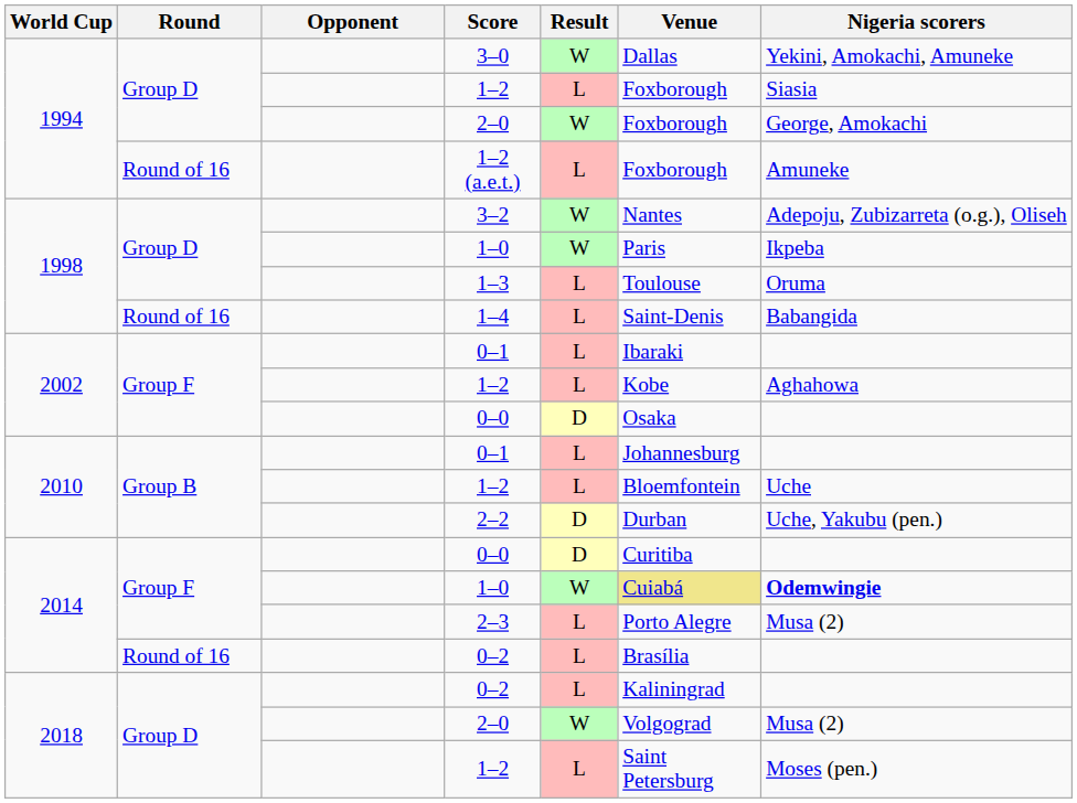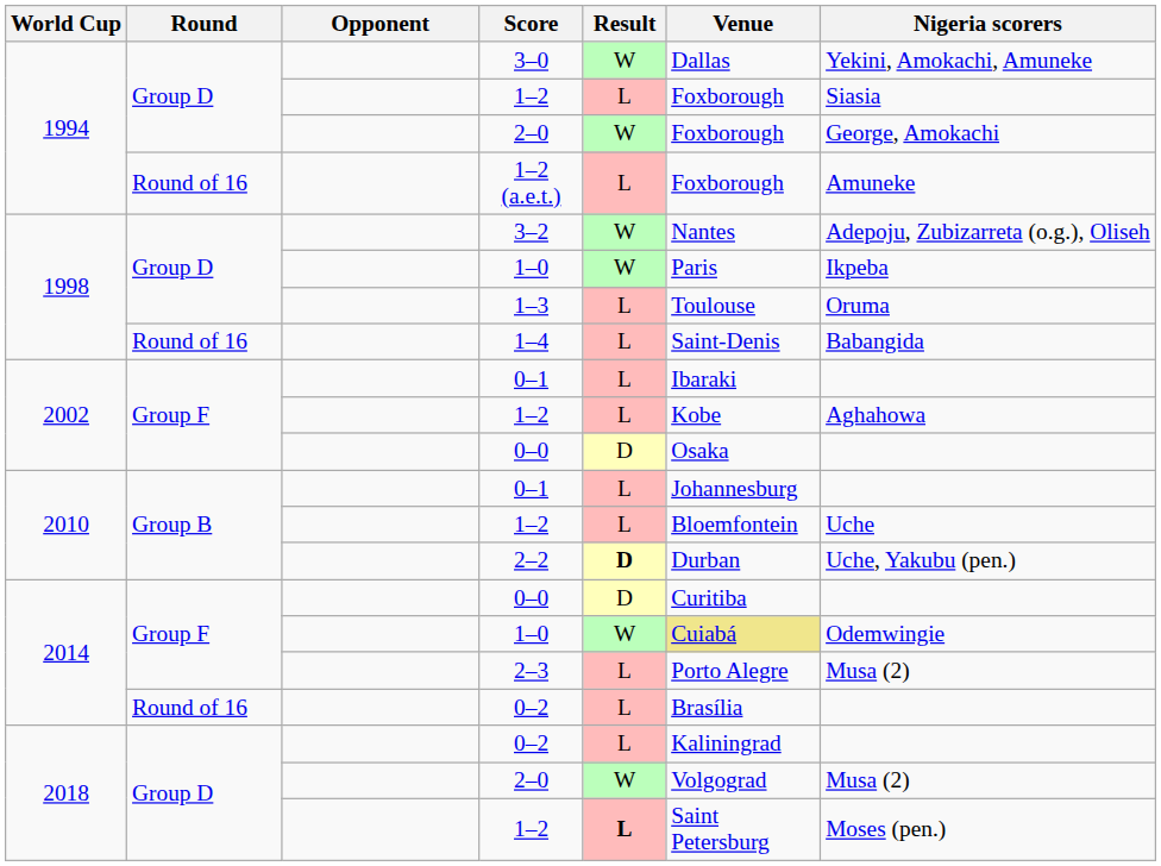 <table class="wikitable sortable" style="text-align:left;">
 <tr>
 <th>World Cup</th>
 <th width=100>Round</th>
 <th width=130>Opponent</th>
 <th width=65>Score</th>
 <th width=50>Result</th>
 <th width=100>Venue</th>
 <th>Nigeria scorers</th>
 </tr>
 <tr>
 <td rowspan="4" align=center><a href='#'>1994</a></td>
 <td rowspan="3"><a href='#'>Group D</a></td>
 <td></td>
 <td align=center><a href='#'>3–0</a></td>
 <td align=center bgcolor="#bbffbb">W</td>
 <td><a href='#'>Dallas</a></td>
 <td><a href='#'>Yekini</a>, <a href='#'>Amokachi</a>, <a href='#'>Amuneke</a></td>
 </tr>
 <tr>
 <td></td>
 <td align=center><a href='#'>1–2</a></td>
 <td align=center bgcolor="#ffbbbb">L</td>
 <td><a href='#'>Foxborough</a></td>
 <td><a href='#'>Siasia</a></td>
 </tr>
 <tr>
 <td></td>
 <td align=center><a href='#'>2–0</a></td>
 <td align=center bgcolor="#bbffbb">W</td>
 <td><a href='#'>Foxborough</a></td>
 <td><a href='#'>George</a>, <a href='#'>Amokachi</a></td>
 </tr>
 <tr>
 <td><a href='#'>Round of 16</a></td>
 <td></td>
 <td align=center><a href='#'>1–2 (a.e.t.)</a></td>
 <td align=center bgcolor="#ffbbbb">L</td>
 <td><a href='#'>Foxborough</a></td>
 <td><a href='#'>Amuneke</a></td>
 </tr>
 <tr>
 <td rowspan="4" align=center><a href='#'>1998</a></td>
 <td rowspan="3"><a href='#'>Group D</a></td>
 <td></td>
 <td align=center><a href='#'>3–2</a></td>
 <td align=center bgcolor="#bbffbb">W</td>
 <td><a href='#'>Nantes</a></td>
 <td><a href='#'>Adepoju</a>, <a href='#'>Zubizarreta</a> (o.g.), <a href='#'>Oliseh</a></td>
 </tr>
 <tr>
 <td></td>
 <td align=center><a href='#'>1–0</a></td>
 <td align=center bgcolor="#bbffbb">W</td>
 <td><a href='#'>Paris</a></td>
 <td><a href='#'>Ikpeba</a></td>
 </tr>
 <tr>
 <td></td>
 <td align=center><a href='#'>1–3</a></td>
 <td align=center bgcolor="#ffbbbb">L</td>
 <td><a href='#'>Toulouse</a></td>
 <td><a href='#'>Oruma</a></td>
 </tr>
 <tr>
 <td><a href='#'>Round of 16</a></td>
 <td></td>
 <td align=center><a href='#'>1–4</a></td>
 <td align=center bgcolor="#ffbbbb">L</td>
 <td><a href='#'>Saint-Denis</a></td>
 <td><a href='#'>Babangida</a></td>
 </tr>
 <tr>
 <td rowspan="3" align=center><a href='#'>2002</a></td>
 <td rowspan="3"><a href='#'>Group F</a></td>
 <td></td>
 <td align=center><a href='#'>0–1</a></td>
 <td align=center bgcolor="#ffbbbb">L</td>
 <td><a href='#'>Ibaraki</a></td>
 <td></td>
 </tr>
 <tr>
 <td></td>
 <td align=center><a href='#'>1–2</a></td>
 <td align=center bgcolor="#ffbbbb">L</td>
 <td><a href='#'>Kobe</a></td>
 <td><a href='#'>Aghahowa</a></td>
 </tr>
 <tr>
 <td></td>
 <td align=center><a href='#'>0–0</a></td>
 <td align=center bgcolor="#ffffbb">D</td>
 <td><a href='#'>Osaka</a></td>
 <td></td>
 </tr>
 <tr>
 <td rowspan="3" align=center><a href='#'>2010</a></td>
 <td rowspan="3"><a href='#'>Group B</a></td>
 <td></td>
 <td align=center><a href='#'>0–1</a></td>
 <td align=center bgcolor="#ffbbbb">L</td>
 <td><a href='#'>Johannesburg</a></td>
 <td></td>
 </tr>
 <tr>
 <td></td>
 <td align=center><a href='#'>1–2</a></td>
 <td align=center bgcolor="#ffbbbb">L</td>
 <td><a href='#'>Bloemfontein</a></td>
 <td><a href='#'>Uche</a></td>
 </tr>
 <tr>
 <td></td>
 <td align=center><a href='#'>2–2</a></td>
-<td align=center bgcolor="#ffffbb">D</td>
+<td align=center bgcolor="#ffffbb"><strong>D</strong></td>
 <td><a href='#'>Durban</a></td>
 <td><a href='#'>Uche</a>, <a href='#'>Yakubu</a> (pen.)</td>
 </tr>
 <tr>
 <td rowspan="4" align=center><a href='#'>2014</a></td>
 <td rowspan="3"><a href='#'>Group F</a></td>
 <td></td>
 <td align=center><a href='#'>0–0</a></td>
 <td align=center bgcolor="#ffffbb">D</td>
 <td><a href='#'>Curitiba</a></td>
 <td></td>
 </tr>
 <tr>
 <td></td>
 <td align=center><a href='#'>1–0</a></td>
 <td align=center bgcolor="#bbffbb">W</td>
 <td style="background: khaki;"><a href='#'>Cuiabá</a></td>
-<td><strong><a href='#'>Odemwingie</a></strong></td>
+<td><a href='#'>Odemwingie</a></td>
 </tr>
 <tr>
 <td></td>
 <td align=center><a href='#'>2–3</a></td>
 <td align=center bgcolor="#ffbbbb">L</td>
 <td><a href='#'>Porto Alegre</a></td>
 <td><a href='#'>Musa</a> (2)</td>
 </tr>
 <tr>
 <td><a href='#'>Round of 16</a></td>
 <td></td>
 <td align=center><a href='#'>0–2</a></td>
 <td align=center bgcolor="#ffbbbb">L</td>
 <td><a href='#'>Brasília</a></td>
 <td></td>
 </tr>
 <tr>
 <td rowspan="3" align=center><a href='#'>2018</a></td>
 <td rowspan="3"><a href='#'>Group D</a></td>
 <td></td>
 <td align=center><a href='#'>0–2</a></td>
 <td align=center bgcolor="#ffbbbb">L</td>
 <td><a href='#'>Kaliningrad</a></td>
 <td></td>
 </tr>
 <tr>
 <td></td>
 <td align=center><a href='#'>2–0</a></td>
 <td align=center bgcolor="#bbffbb">W</td>
 <td><a href='#'>Volgograd</a></td>
 <td><a href='#'>Musa</a> (2)</td>
 </tr>
 <tr>
 <td></td>
 <td align=center><a href='#'>1–2</a></td>
-<td align=center bgcolor="#ffbbbb">L</td>
+<td align=center bgcolor="#ffbbbb"><strong>L</strong></td>
 <td><a href='#'>Saint Petersburg</a></td>
 <td><a href='#'>Moses</a> (pen.)</td>
 </tr>
 </table>
